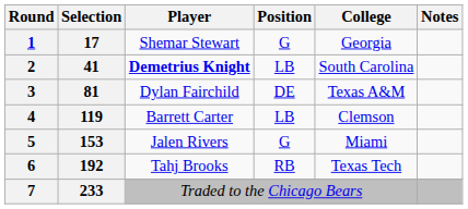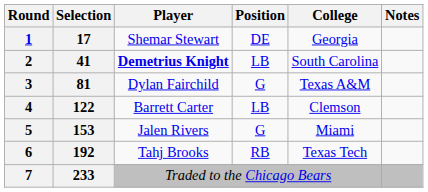 <table class="wikitable" style="text-align:center">
 <tr>
 <th>Round</th>
 <th>Selection</th>
 <th>Player</th>
 <th>Position</th>
 <th>College</th>
 <th>Notes</th>
 </tr>
 <tr>
 <th><a href='#'>1</a></th>
 <th>17</th>
 <td><a href='#'>Shemar Stewart</a></td>
-<td><a href='#'>G</a></td>
+<td><a href='#'>DE</a></td>
 <td><a href='#'>Georgia</a></td>
 <td></td>
 </tr>
 <tr>
 <th>2</th>
 <th>41</th>
 <td><strong><a href='#'>Demetrius Knight</a></strong></td>
 <td><a href='#'>LB</a></td>
 <td><a href='#'>South Carolina</a></td>
 <td></td>
 </tr>
 <tr>
 <th>3</th>
 <th>81</th>
 <td><a href='#'>Dylan Fairchild</a></td>
-<td><a href='#'>DE</a></td>
+<td><a href='#'>G</a></td>
 <td><a href='#'>Texas A&M</a></td>
 <td></td>
 </tr>
 <tr>
 <th>4</th>
-<th>119</th>
+<th>122</th>
 <td><a href='#'>Barrett Carter</a></td>
 <td><a href='#'>LB</a></td>
 <td><a href='#'>Clemson</a></td>
 <td></td>
 </tr>
 <tr>
 <th>5</th>
 <th>153</th>
 <td><a href='#'>Jalen Rivers</a></td>
 <td><a href='#'>G</a></td>
 <td><a href='#'>Miami</a></td>
 <td></td>
 </tr>
 <tr>
 <th>6</th>
 <th>192</th>
 <td><a href='#'>Tahj Brooks</a></td>
 <td><a href='#'>RB</a></td>
 <td><a href='#'>Texas Tech</a></td>
 <td></td>
 </tr>
 <tr>
 <th>7</th>
 <th>233</th>
 <td colspan="3" style="background:#BFBFBF"><em>Traded to the <a href='#'>Chicago Bears</a></em></td>
 <td style="background:#BFBFBF"></td>
 </tr>
 </table>
